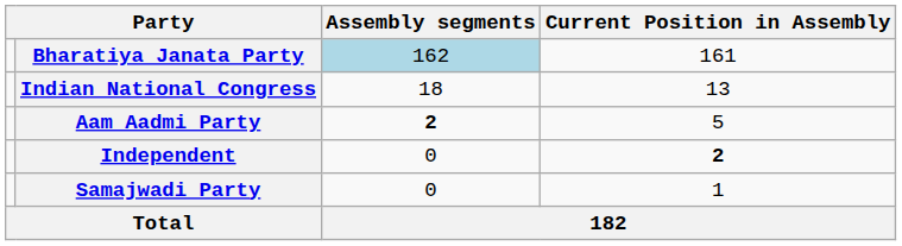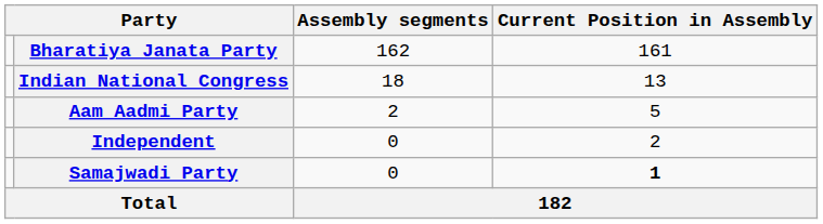 <table class="wikitable" style="text-align:center">
 <tr>
 <th colspan=2>Party</th>
 <th>Assembly segments</th>
 <th>Current Position in Assembly</th>
 </tr>
 <tr>
 <td></td>
 <th><a href='#'>Bharatiya Janata Party</a></th>
-<td style="background: lightblue;">162</td>
+<td>162</td>
 <td>161</td>
 </tr>
 <tr>
 <td></td>
 <th><a href='#'>Indian National Congress</a></th>
 <td>18</td>
 <td>13</td>
 </tr>
 <tr>
 <td></td>
 <th><a href='#'>Aam Aadmi Party</a></th>
-<td><strong>2</strong></td>
+<td>2</td>
 <td>5</td>
 </tr>
 <tr>
 <td></td>
 <th><a href='#'>Independent</a></th>
 <td>0</td>
-<td><strong>2</strong></td>
+<td>2</td>
 </tr>
 <tr>
 <td></td>
 <th><a href='#'>Samajwadi Party</a></th>
 <td>0</td>
-<td>1</td>
+<td><strong>1</strong></td>
 </tr>
 <tr>
 <th colspan=2>Total</th>
 <th colspan=2>182</th>
 </tr>
 </table>
